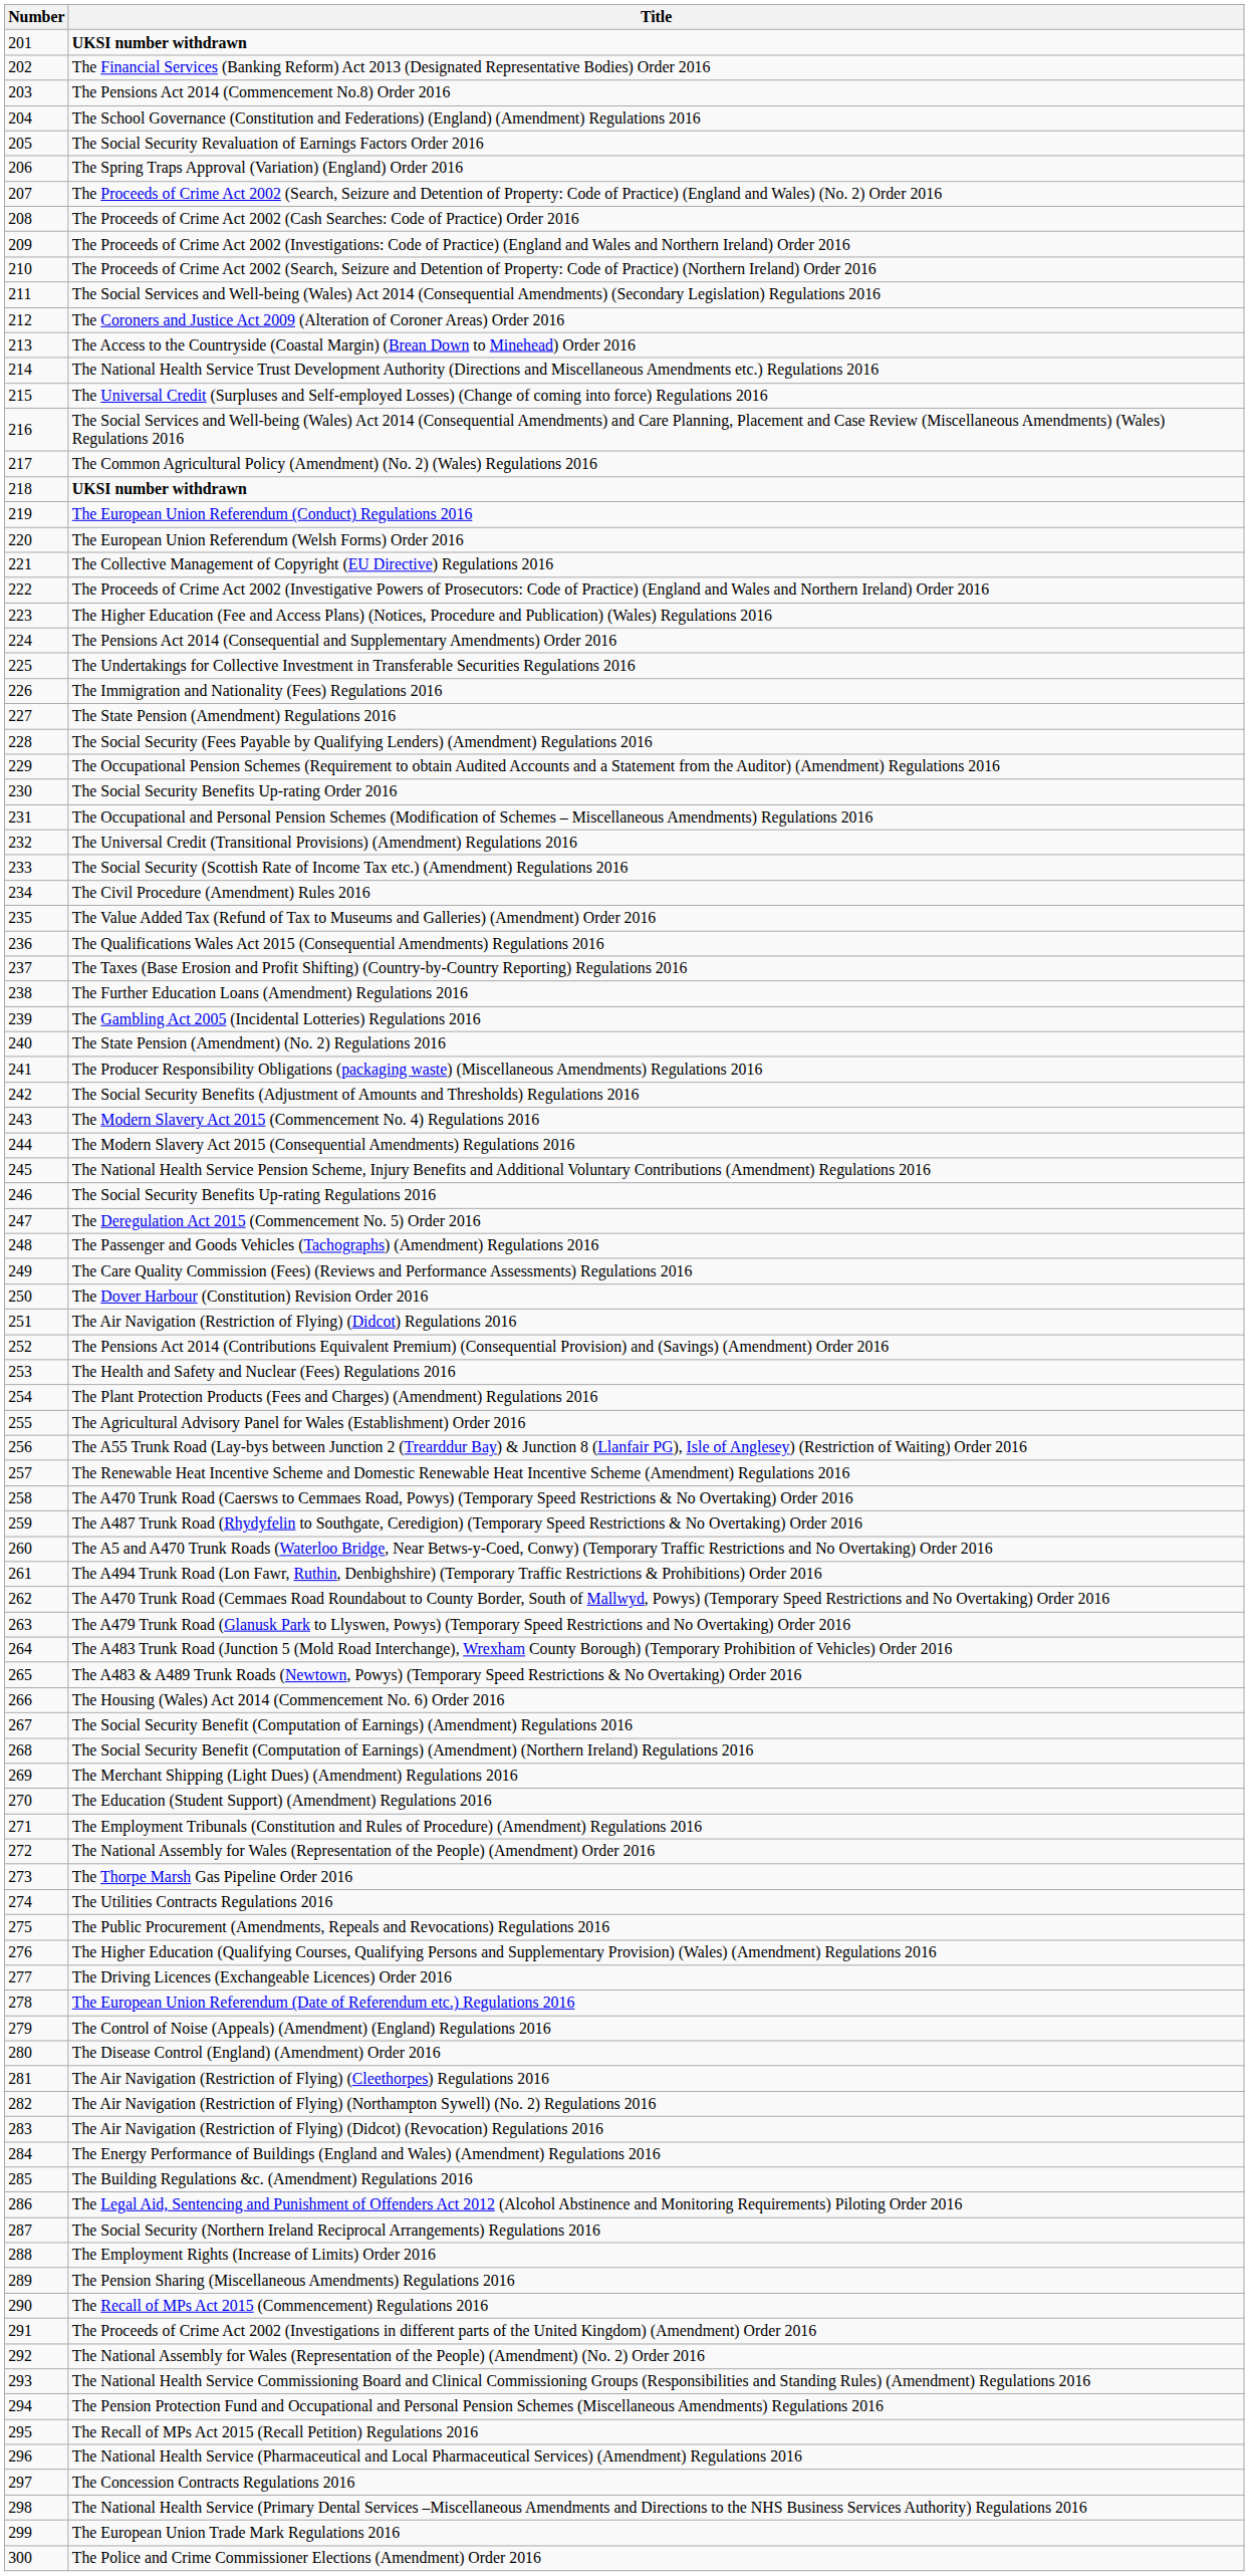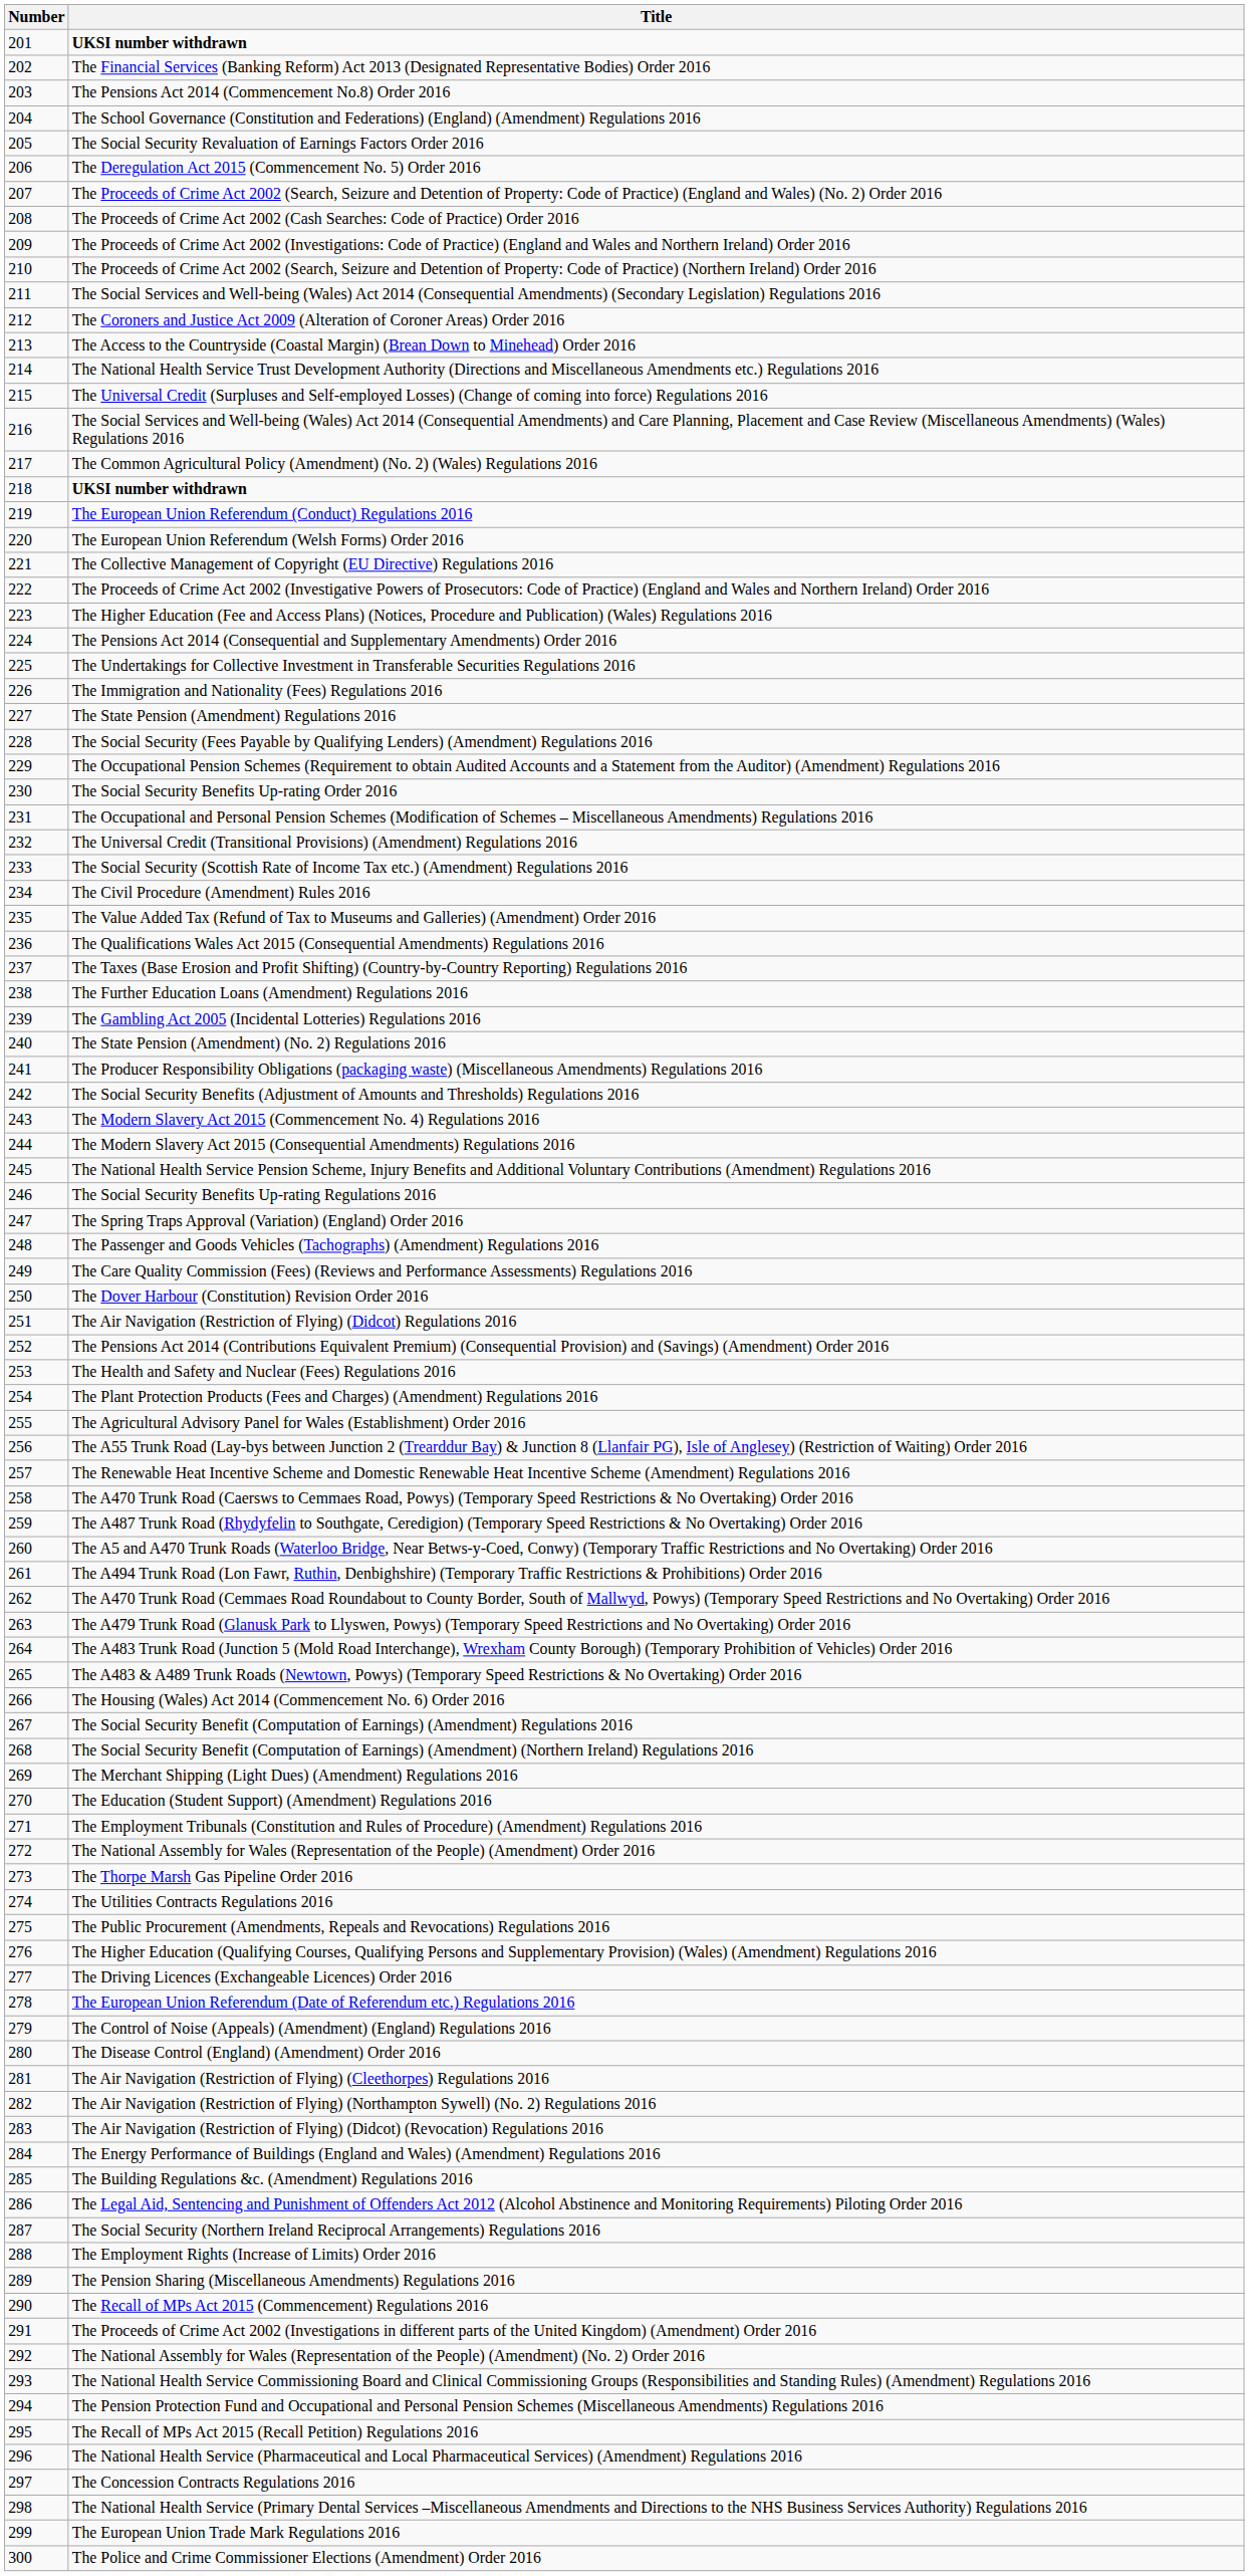 <table class="wikitable collapsible">
 <tr>
 <th>Number</th>
 <th>Title</th>
 </tr>
 <tr>
 <td>201</td>
 <td><strong>UKSI number withdrawn</strong></td>
 </tr>
 <tr>
 <td>202</td>
 <td>The <a href='#'>Financial Services</a> (Banking Reform) Act 2013 (Designated Representative Bodies) Order 2016</td>
 </tr>
 <tr>
 <td>203</td>
 <td>The Pensions Act 2014 (Commencement No.8) Order 2016</td>
 </tr>
 <tr>
 <td>204</td>
 <td>The School Governance (Constitution and Federations) (England) (Amendment) Regulations 2016</td>
 </tr>
 <tr>
 <td>205</td>
 <td>The Social Security Revaluation of Earnings Factors Order 2016</td>
 </tr>
 <tr>
 <td>206</td>
-<td>The Spring Traps Approval (Variation) (England) Order 2016</td>
+<td>The <a href='#'>Deregulation Act 2015</a> (Commencement No. 5) Order 2016</td>
 </tr>
 <tr>
 <td>207</td>
 <td>The <a href='#'>Proceeds of Crime Act 2002</a> (Search, Seizure and Detention of Property: Code of Practice) (England and Wales) (No. 2) Order 2016</td>
 </tr>
 <tr>
 <td>208</td>
 <td>The Proceeds of Crime Act 2002 (Cash Searches: Code of Practice) Order 2016</td>
 </tr>
 <tr>
 <td>209</td>
 <td>The Proceeds of Crime Act 2002 (Investigations: Code of Practice) (England and Wales and Northern Ireland) Order 2016</td>
 </tr>
 <tr>
 <td>210</td>
 <td>The Proceeds of Crime Act 2002 (Search, Seizure and Detention of Property: Code of Practice) (Northern Ireland) Order 2016</td>
 </tr>
 <tr>
 <td>211</td>
 <td>The Social Services and Well-being (Wales) Act 2014 (Consequential Amendments) (Secondary Legislation) Regulations 2016</td>
 </tr>
 <tr>
 <td>212</td>
 <td>The <a href='#'>Coroners and Justice Act 2009</a> (Alteration of Coroner Areas) Order 2016</td>
 </tr>
 <tr>
 <td>213</td>
 <td>The Access to the Countryside (Coastal Margin) (<a href='#'>Brean Down</a> to <a href='#'>Minehead</a>) Order 2016</td>
 </tr>
 <tr>
 <td>214</td>
 <td>The National Health Service Trust Development Authority (Directions and Miscellaneous Amendments etc.) Regulations 2016</td>
 </tr>
 <tr>
 <td>215</td>
 <td>The <a href='#'>Universal Credit</a> (Surpluses and Self-employed Losses) (Change of coming into force) Regulations 2016</td>
 </tr>
 <tr>
 <td>216</td>
 <td>The Social Services and Well-being (Wales) Act 2014 (Consequential Amendments) and Care Planning, Placement and Case Review (Miscellaneous Amendments) (Wales) Regulations 2016</td>
 </tr>
 <tr>
 <td>217</td>
 <td>The Common Agricultural Policy (Amendment) (No. 2) (Wales) Regulations 2016</td>
 </tr>
 <tr>
 <td>218</td>
 <td><strong>UKSI number withdrawn</strong></td>
 </tr>
 <tr>
 <td>219</td>
 <td><a href='#'>The European Union Referendum (Conduct) Regulations 2016</a></td>
 </tr>
 <tr>
 <td>220</td>
 <td>The European Union Referendum (Welsh Forms) Order 2016</td>
 </tr>
 <tr>
 <td>221</td>
 <td>The Collective Management of Copyright (<a href='#'>EU Directive</a>) Regulations 2016</td>
 </tr>
 <tr>
 <td>222</td>
 <td>The Proceeds of Crime Act 2002 (Investigative Powers of Prosecutors: Code of Practice) (England and Wales and Northern Ireland) Order 2016</td>
 </tr>
 <tr>
 <td>223</td>
 <td>The Higher Education (Fee and Access Plans) (Notices, Procedure and Publication) (Wales) Regulations 2016</td>
 </tr>
 <tr>
 <td>224</td>
 <td>The Pensions Act 2014 (Consequential and Supplementary Amendments) Order 2016</td>
 </tr>
 <tr>
 <td>225</td>
 <td>The Undertakings for Collective Investment in Transferable Securities Regulations 2016</td>
 </tr>
 <tr>
 <td>226</td>
 <td>The Immigration and Nationality (Fees) Regulations 2016</td>
 </tr>
 <tr>
 <td>227</td>
 <td>The State Pension (Amendment) Regulations 2016</td>
 </tr>
 <tr>
 <td>228</td>
 <td>The Social Security (Fees Payable by Qualifying Lenders) (Amendment) Regulations 2016</td>
 </tr>
 <tr>
 <td>229</td>
 <td>The Occupational Pension Schemes (Requirement to obtain Audited Accounts and a Statement from the Auditor) (Amendment) Regulations 2016</td>
 </tr>
 <tr>
 <td>230</td>
 <td>The Social Security Benefits Up-rating Order 2016</td>
 </tr>
 <tr>
 <td>231</td>
 <td>The Occupational and Personal Pension Schemes (Modification of Schemes – Miscellaneous Amendments) Regulations 2016</td>
 </tr>
 <tr>
 <td>232</td>
 <td>The Universal Credit (Transitional Provisions) (Amendment) Regulations 2016</td>
 </tr>
 <tr>
 <td>233</td>
 <td>The Social Security (Scottish Rate of Income Tax etc.) (Amendment) Regulations 2016</td>
 </tr>
 <tr>
 <td>234</td>
 <td>The Civil Procedure (Amendment) Rules 2016</td>
 </tr>
 <tr>
 <td>235</td>
 <td>The Value Added Tax (Refund of Tax to Museums and Galleries) (Amendment) Order 2016</td>
 </tr>
 <tr>
 <td>236</td>
 <td>The Qualifications Wales Act 2015 (Consequential Amendments) Regulations 2016</td>
 </tr>
 <tr>
 <td>237</td>
 <td>The Taxes (Base Erosion and Profit Shifting) (Country-by-Country Reporting) Regulations 2016</td>
 </tr>
 <tr>
 <td>238</td>
 <td>The Further Education Loans (Amendment) Regulations 2016</td>
 </tr>
 <tr>
 <td>239</td>
 <td>The <a href='#'>Gambling Act 2005</a> (Incidental Lotteries) Regulations 2016</td>
 </tr>
 <tr>
 <td>240</td>
 <td>The State Pension (Amendment) (No. 2) Regulations 2016</td>
 </tr>
 <tr>
 <td>241</td>
 <td>The Producer Responsibility Obligations (<a href='#'>packaging waste</a>) (Miscellaneous Amendments) Regulations 2016</td>
 </tr>
 <tr>
 <td>242</td>
 <td>The Social Security Benefits (Adjustment of Amounts and Thresholds) Regulations 2016</td>
 </tr>
 <tr>
 <td>243</td>
 <td>The <a href='#'>Modern Slavery Act 2015</a> (Commencement No. 4) Regulations 2016</td>
 </tr>
 <tr>
 <td>244</td>
 <td>The Modern Slavery Act 2015 (Consequential Amendments) Regulations 2016</td>
 </tr>
 <tr>
 <td>245</td>
 <td>The National Health Service Pension Scheme, Injury Benefits and Additional Voluntary Contributions (Amendment) Regulations 2016</td>
 </tr>
 <tr>
 <td>246</td>
 <td>The Social Security Benefits Up-rating Regulations 2016</td>
 </tr>
 <tr>
 <td>247</td>
-<td>The <a href='#'>Deregulation Act 2015</a> (Commencement No. 5) Order 2016</td>
+<td>The Spring Traps Approval (Variation) (England) Order 2016</td>
 </tr>
 <tr>
 <td>248</td>
 <td>The Passenger and Goods Vehicles (<a href='#'>Tachographs</a>) (Amendment) Regulations 2016</td>
 </tr>
 <tr>
 <td>249</td>
 <td>The Care Quality Commission (Fees) (Reviews and Performance Assessments) Regulations 2016</td>
 </tr>
 <tr>
 <td>250</td>
 <td>The <a href='#'>Dover Harbour</a> (Constitution) Revision Order 2016</td>
 </tr>
 <tr>
 <td>251</td>
 <td>The Air Navigation (Restriction of Flying) (<a href='#'>Didcot</a>) Regulations 2016</td>
 </tr>
 <tr>
 <td>252</td>
 <td>The Pensions Act 2014 (Contributions Equivalent Premium) (Consequential Provision) and (Savings) (Amendment) Order 2016</td>
 </tr>
 <tr>
 <td>253</td>
 <td>The Health and Safety and Nuclear (Fees) Regulations 2016</td>
 </tr>
 <tr>
 <td>254</td>
 <td>The Plant Protection Products (Fees and Charges) (Amendment) Regulations 2016</td>
 </tr>
 <tr>
 <td>255</td>
 <td>The Agricultural Advisory Panel for Wales (Establishment) Order 2016</td>
 </tr>
 <tr>
 <td>256</td>
 <td>The A55 Trunk Road (Lay-bys between Junction 2 (<a href='#'>Trearddur Bay</a>) & Junction 8 (<a href='#'>Llanfair PG</a>), <a href='#'>Isle of Anglesey</a>) (Restriction of Waiting) Order 2016</td>
 </tr>
 <tr>
 <td>257</td>
 <td>The Renewable Heat Incentive Scheme and Domestic Renewable Heat Incentive Scheme (Amendment) Regulations 2016</td>
 </tr>
 <tr>
 <td>258</td>
 <td>The A470 Trunk Road (Caersws to Cemmaes Road, Powys) (Temporary Speed Restrictions & No Overtaking) Order 2016</td>
 </tr>
 <tr>
 <td>259</td>
 <td>The A487 Trunk Road (<a href='#'>Rhydyfelin</a> to Southgate, Ceredigion) (Temporary Speed Restrictions & No Overtaking) Order 2016</td>
 </tr>
 <tr>
 <td>260</td>
 <td>The A5 and A470 Trunk Roads (<a href='#'>Waterloo Bridge</a>, Near Betws-y-Coed, Conwy) (Temporary Traffic Restrictions and No Overtaking) Order 2016</td>
 </tr>
 <tr>
 <td>261</td>
 <td>The A494 Trunk Road (Lon Fawr, <a href='#'>Ruthin</a>, Denbighshire) (Temporary Traffic Restrictions & Prohibitions) Order 2016</td>
 </tr>
 <tr>
 <td>262</td>
 <td>The A470 Trunk Road (Cemmaes Road Roundabout to County Border, South of <a href='#'>Mallwyd</a>, Powys) (Temporary Speed Restrictions and No Overtaking) Order 2016</td>
 </tr>
 <tr>
 <td>263</td>
 <td>The A479 Trunk Road (<a href='#'>Glanusk Park</a> to Llyswen, Powys) (Temporary Speed Restrictions and No Overtaking) Order 2016</td>
 </tr>
 <tr>
 <td>264</td>
 <td>The A483 Trunk Road (Junction 5 (Mold Road Interchange), <a href='#'>Wrexham</a> County Borough) (Temporary Prohibition of Vehicles) Order 2016</td>
 </tr>
 <tr>
 <td>265</td>
 <td>The A483 & A489 Trunk Roads (<a href='#'>Newtown</a>, Powys) (Temporary Speed Restrictions & No Overtaking) Order 2016</td>
 </tr>
 <tr>
 <td>266</td>
 <td>The Housing (Wales) Act 2014 (Commencement No. 6) Order 2016</td>
 </tr>
 <tr>
 <td>267</td>
 <td>The Social Security Benefit (Computation of Earnings) (Amendment) Regulations 2016</td>
 </tr>
 <tr>
 <td>268</td>
 <td>The Social Security Benefit (Computation of Earnings) (Amendment) (Northern Ireland) Regulations 2016</td>
 </tr>
 <tr>
 <td>269</td>
 <td>The Merchant Shipping (Light Dues) (Amendment) Regulations 2016</td>
 </tr>
 <tr>
 <td>270</td>
 <td>The Education (Student Support) (Amendment) Regulations 2016</td>
 </tr>
 <tr>
 <td>271</td>
 <td>The Employment Tribunals (Constitution and Rules of Procedure) (Amendment) Regulations 2016</td>
 </tr>
 <tr>
 <td>272</td>
 <td>The National Assembly for Wales (Representation of the People) (Amendment) Order 2016</td>
 </tr>
 <tr>
 <td>273</td>
 <td>The <a href='#'>Thorpe Marsh</a> Gas Pipeline Order 2016</td>
 </tr>
 <tr>
 <td>274</td>
 <td>The Utilities Contracts Regulations 2016</td>
 </tr>
 <tr>
 <td>275</td>
 <td>The Public Procurement (Amendments, Repeals and Revocations) Regulations 2016</td>
 </tr>
 <tr>
 <td>276</td>
 <td>The Higher Education (Qualifying Courses, Qualifying Persons and Supplementary Provision) (Wales) (Amendment) Regulations 2016</td>
 </tr>
 <tr>
 <td>277</td>
 <td>The Driving Licences (Exchangeable Licences) Order 2016</td>
 </tr>
 <tr>
 <td>278</td>
 <td><a href='#'>The European Union Referendum (Date of Referendum etc.) Regulations 2016</a></td>
 </tr>
 <tr>
 <td>279</td>
 <td>The Control of Noise (Appeals) (Amendment) (England) Regulations 2016</td>
 </tr>
 <tr>
 <td>280</td>
 <td>The Disease Control (England) (Amendment) Order 2016</td>
 </tr>
 <tr>
 <td>281</td>
 <td>The Air Navigation (Restriction of Flying) (<a href='#'>Cleethorpes</a>) Regulations 2016</td>
 </tr>
 <tr>
 <td>282</td>
 <td>The Air Navigation (Restriction of Flying) (Northampton Sywell) (No. 2) Regulations 2016</td>
 </tr>
 <tr>
 <td>283</td>
 <td>The Air Navigation (Restriction of Flying) (Didcot) (Revocation) Regulations 2016</td>
 </tr>
 <tr>
 <td>284</td>
 <td>The Energy Performance of Buildings (England and Wales) (Amendment) Regulations 2016</td>
 </tr>
 <tr>
 <td>285</td>
 <td>The Building Regulations &c. (Amendment) Regulations 2016</td>
 </tr>
 <tr>
 <td>286</td>
 <td>The <a href='#'>Legal Aid, Sentencing and Punishment of Offenders Act 2012</a> (Alcohol Abstinence and Monitoring Requirements) Piloting Order 2016</td>
 </tr>
 <tr>
 <td>287</td>
 <td>The Social Security (Northern Ireland Reciprocal Arrangements) Regulations 2016</td>
 </tr>
 <tr>
 <td>288</td>
 <td>The Employment Rights (Increase of Limits) Order 2016</td>
 </tr>
 <tr>
 <td>289</td>
 <td>The Pension Sharing (Miscellaneous Amendments) Regulations 2016</td>
 </tr>
 <tr>
 <td>290</td>
 <td>The <a href='#'>Recall of MPs Act 2015</a> (Commencement) Regulations 2016</td>
 </tr>
 <tr>
 <td>291</td>
 <td>The Proceeds of Crime Act 2002 (Investigations in different parts of the United Kingdom) (Amendment) Order 2016</td>
 </tr>
 <tr>
 <td>292</td>
 <td>The National Assembly for Wales (Representation of the People) (Amendment) (No. 2) Order 2016</td>
 </tr>
 <tr>
 <td>293</td>
 <td>The National Health Service Commissioning Board and Clinical Commissioning Groups (Responsibilities and Standing Rules) (Amendment) Regulations 2016</td>
 </tr>
 <tr>
 <td>294</td>
 <td>The Pension Protection Fund and Occupational and Personal Pension Schemes (Miscellaneous Amendments) Regulations 2016</td>
 </tr>
 <tr>
 <td>295</td>
 <td>The Recall of MPs Act 2015 (Recall Petition) Regulations 2016</td>
 </tr>
 <tr>
 <td>296</td>
 <td>The National Health Service (Pharmaceutical and Local Pharmaceutical Services) (Amendment) Regulations 2016</td>
 </tr>
 <tr>
 <td>297</td>
 <td>The Concession Contracts Regulations 2016</td>
 </tr>
 <tr>
 <td>298</td>
 <td>The National Health Service (Primary Dental Services –Miscellaneous Amendments and Directions to the NHS Business Services Authority) Regulations 2016</td>
 </tr>
 <tr>
 <td>299</td>
 <td>The European Union Trade Mark Regulations 2016</td>
 </tr>
 <tr>
 <td>300</td>
 <td>The Police and Crime Commissioner Elections (Amendment) Order 2016</td>
 </tr>
 </table>
